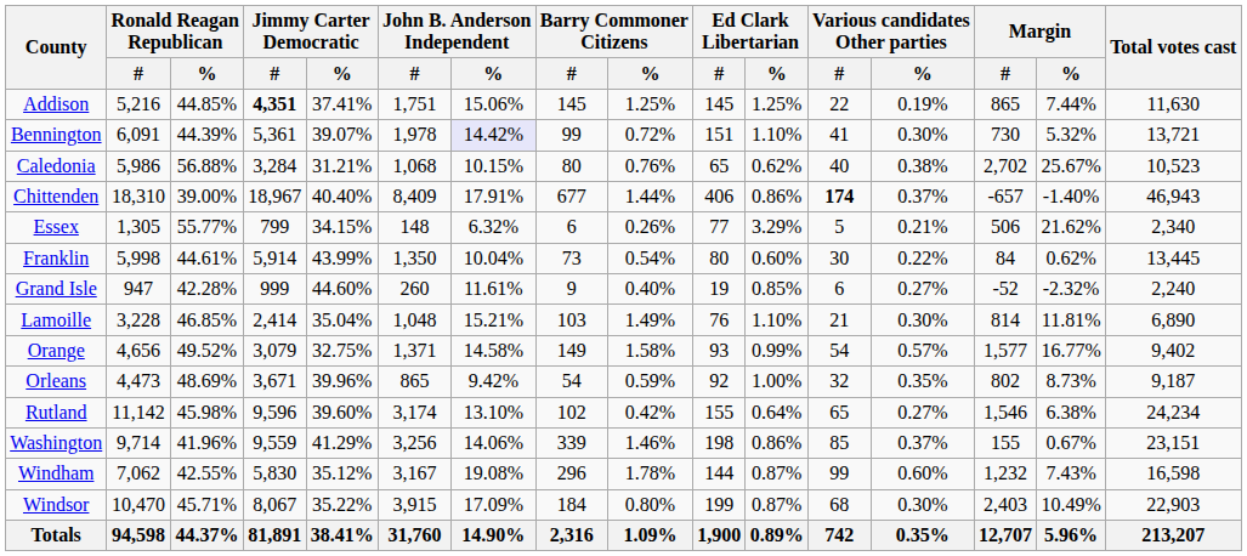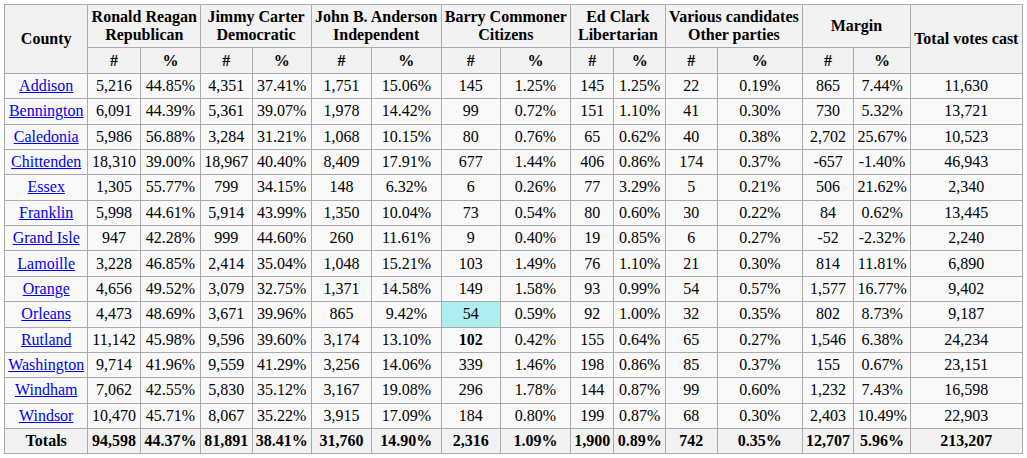 <table class="wikitable sortable" style="text-align:center">
 <tr>
 <th style="text-align:center;" rowspan="2">County</th>
 <th style="text-align:center;" colspan="2">Ronald Reagan<br>Republican</th>
 <th style="text-align:center;" colspan="2">Jimmy Carter<br>Democratic</th>
 <th style="text-align:center;" colspan="2">John B. Anderson<br>Independent</th>
 <th style="text-align:center;" colspan="2">Barry Commoner<br>Citizens</th>
 <th style="text-align:center;" colspan="2">Ed Clark<br>Libertarian</th>
 <th style="text-align:center;" colspan="2">Various candidates<br>Other parties</th>
 <th style="text-align:center;" colspan="2">Margin</th>
 <th style="text-align:center;" rowspan="2">Total votes cast</th>
 </tr>
 <tr>
 <th data-sort-type="number">#</th>
 <th data-sort-type="number">%</th>
 <th data-sort-type="number">#</th>
 <th data-sort-type="number">%</th>
 <th data-sort-type="number">#</th>
 <th data-sort-type="number">%</th>
 <th data-sort-type="number">#</th>
 <th data-sort-type="number">%</th>
 <th data-sort-type="number">#</th>
 <th data-sort-type="number">%</th>
 <th data-sort-type="number">#</th>
 <th data-sort-type="number">%</th>
 <th data-sort-type="number">#</th>
 <th data-sort-type="number">%</th>
 </tr>
 <tr style="text-align:center;">
 <td><a href='#'>Addison</a></td>
 <td>5,216</td>
 <td>44.85%</td>
-<td><strong>4,351</strong></td>
+<td>4,351</td>
 <td>37.41%</td>
 <td>1,751</td>
 <td>15.06%</td>
 <td>145</td>
 <td>1.25%</td>
 <td>145</td>
 <td>1.25%</td>
 <td>22</td>
 <td>0.19%</td>
 <td>865</td>
 <td>7.44%</td>
 <td>11,630</td>
 </tr>
 <tr style="text-align:center;">
 <td><a href='#'>Bennington</a></td>
 <td>6,091</td>
 <td>44.39%</td>
 <td>5,361</td>
 <td>39.07%</td>
 <td>1,978</td>
-<td style="background: lavender;">14.42%</td>
+<td>14.42%</td>
 <td>99</td>
 <td>0.72%</td>
 <td>151</td>
 <td>1.10%</td>
 <td>41</td>
 <td>0.30%</td>
 <td>730</td>
 <td>5.32%</td>
 <td>13,721</td>
 </tr>
 <tr style="text-align:center;">
 <td><a href='#'>Caledonia</a></td>
 <td>5,986</td>
 <td>56.88%</td>
 <td>3,284</td>
 <td>31.21%</td>
 <td>1,068</td>
 <td>10.15%</td>
 <td>80</td>
 <td>0.76%</td>
 <td>65</td>
 <td>0.62%</td>
 <td>40</td>
 <td>0.38%</td>
 <td>2,702</td>
 <td>25.67%</td>
 <td>10,523</td>
 </tr>
 <tr style="text-align:center;">
 <td><a href='#'>Chittenden</a></td>
 <td>18,310</td>
 <td>39.00%</td>
 <td>18,967</td>
 <td>40.40%</td>
 <td>8,409</td>
 <td>17.91%</td>
 <td>677</td>
 <td>1.44%</td>
 <td>406</td>
 <td>0.86%</td>
-<td><strong>174</strong></td>
+<td>174</td>
 <td>0.37%</td>
 <td>-657</td>
 <td>-1.40%</td>
 <td>46,943</td>
 </tr>
 <tr style="text-align:center;">
 <td><a href='#'>Essex</a></td>
 <td>1,305</td>
 <td>55.77%</td>
 <td>799</td>
 <td>34.15%</td>
 <td>148</td>
 <td>6.32%</td>
 <td>6</td>
 <td>0.26%</td>
 <td>77</td>
 <td>3.29%</td>
 <td>5</td>
 <td>0.21%</td>
 <td>506</td>
 <td>21.62%</td>
 <td>2,340</td>
 </tr>
 <tr style="text-align:center;">
 <td><a href='#'>Franklin</a></td>
 <td>5,998</td>
 <td>44.61%</td>
 <td>5,914</td>
 <td>43.99%</td>
 <td>1,350</td>
 <td>10.04%</td>
 <td>73</td>
 <td>0.54%</td>
 <td>80</td>
 <td>0.60%</td>
 <td>30</td>
 <td>0.22%</td>
 <td>84</td>
 <td>0.62%</td>
 <td>13,445</td>
 </tr>
 <tr style="text-align:center;">
 <td><a href='#'>Grand Isle</a></td>
 <td>947</td>
 <td>42.28%</td>
 <td>999</td>
 <td>44.60%</td>
 <td>260</td>
 <td>11.61%</td>
 <td>9</td>
 <td>0.40%</td>
 <td>19</td>
 <td>0.85%</td>
 <td>6</td>
 <td>0.27%</td>
 <td>-52</td>
 <td>-2.32%</td>
 <td>2,240</td>
 </tr>
 <tr style="text-align:center;">
 <td><a href='#'>Lamoille</a></td>
 <td>3,228</td>
 <td>46.85%</td>
 <td>2,414</td>
 <td>35.04%</td>
 <td>1,048</td>
 <td>15.21%</td>
 <td>103</td>
 <td>1.49%</td>
 <td>76</td>
 <td>1.10%</td>
 <td>21</td>
 <td>0.30%</td>
 <td>814</td>
 <td>11.81%</td>
 <td>6,890</td>
 </tr>
 <tr style="text-align:center;">
 <td><a href='#'>Orange</a></td>
 <td>4,656</td>
 <td>49.52%</td>
 <td>3,079</td>
 <td>32.75%</td>
 <td>1,371</td>
 <td>14.58%</td>
 <td>149</td>
 <td>1.58%</td>
 <td>93</td>
 <td>0.99%</td>
 <td>54</td>
 <td>0.57%</td>
 <td>1,577</td>
 <td>16.77%</td>
 <td>9,402</td>
 </tr>
 <tr style="text-align:center;">
 <td><a href='#'>Orleans</a></td>
 <td>4,473</td>
 <td>48.69%</td>
 <td>3,671</td>
 <td>39.96%</td>
 <td>865</td>
 <td>9.42%</td>
-<td>54</td>
+<td style="background: paleturquoise;">54</td>
 <td>0.59%</td>
 <td>92</td>
 <td>1.00%</td>
 <td>32</td>
 <td>0.35%</td>
 <td>802</td>
 <td>8.73%</td>
 <td>9,187</td>
 </tr>
 <tr style="text-align:center;">
 <td><a href='#'>Rutland</a></td>
 <td>11,142</td>
 <td>45.98%</td>
 <td>9,596</td>
 <td>39.60%</td>
 <td>3,174</td>
 <td>13.10%</td>
-<td>102</td>
+<td><strong>102</strong></td>
 <td>0.42%</td>
 <td>155</td>
 <td>0.64%</td>
 <td>65</td>
 <td>0.27%</td>
 <td>1,546</td>
 <td>6.38%</td>
 <td>24,234</td>
 </tr>
 <tr style="text-align:center;">
 <td><a href='#'>Washington</a></td>
 <td>9,714</td>
 <td>41.96%</td>
 <td>9,559</td>
 <td>41.29%</td>
 <td>3,256</td>
 <td>14.06%</td>
 <td>339</td>
 <td>1.46%</td>
 <td>198</td>
 <td>0.86%</td>
 <td>85</td>
 <td>0.37%</td>
 <td>155</td>
 <td>0.67%</td>
 <td>23,151</td>
 </tr>
 <tr style="text-align:center;">
 <td><a href='#'>Windham</a></td>
 <td>7,062</td>
 <td>42.55%</td>
 <td>5,830</td>
 <td>35.12%</td>
 <td>3,167</td>
 <td>19.08%</td>
 <td>296</td>
 <td>1.78%</td>
 <td>144</td>
 <td>0.87%</td>
 <td>99</td>
 <td>0.60%</td>
 <td>1,232</td>
 <td>7.43%</td>
 <td>16,598</td>
 </tr>
 <tr style="text-align:center;">
 <td><a href='#'>Windsor</a></td>
 <td>10,470</td>
 <td>45.71%</td>
 <td>8,067</td>
 <td>35.22%</td>
 <td>3,915</td>
 <td>17.09%</td>
 <td>184</td>
 <td>0.80%</td>
 <td>199</td>
 <td>0.87%</td>
 <td>68</td>
 <td>0.30%</td>
 <td>2,403</td>
 <td>10.49%</td>
 <td>22,903</td>
 </tr>
 <tr style="text-align:center;">
 <th>Totals</th>
 <th>94,598</th>
 <th>44.37%</th>
 <th>81,891</th>
 <th>38.41%</th>
 <th>31,760</th>
 <th>14.90%</th>
 <th>2,316</th>
 <th>1.09%</th>
 <th>1,900</th>
 <th>0.89%</th>
 <th>742</th>
 <th>0.35%</th>
 <th>12,707</th>
 <th>5.96%</th>
 <th>213,207</th>
 </tr>
 </table>
